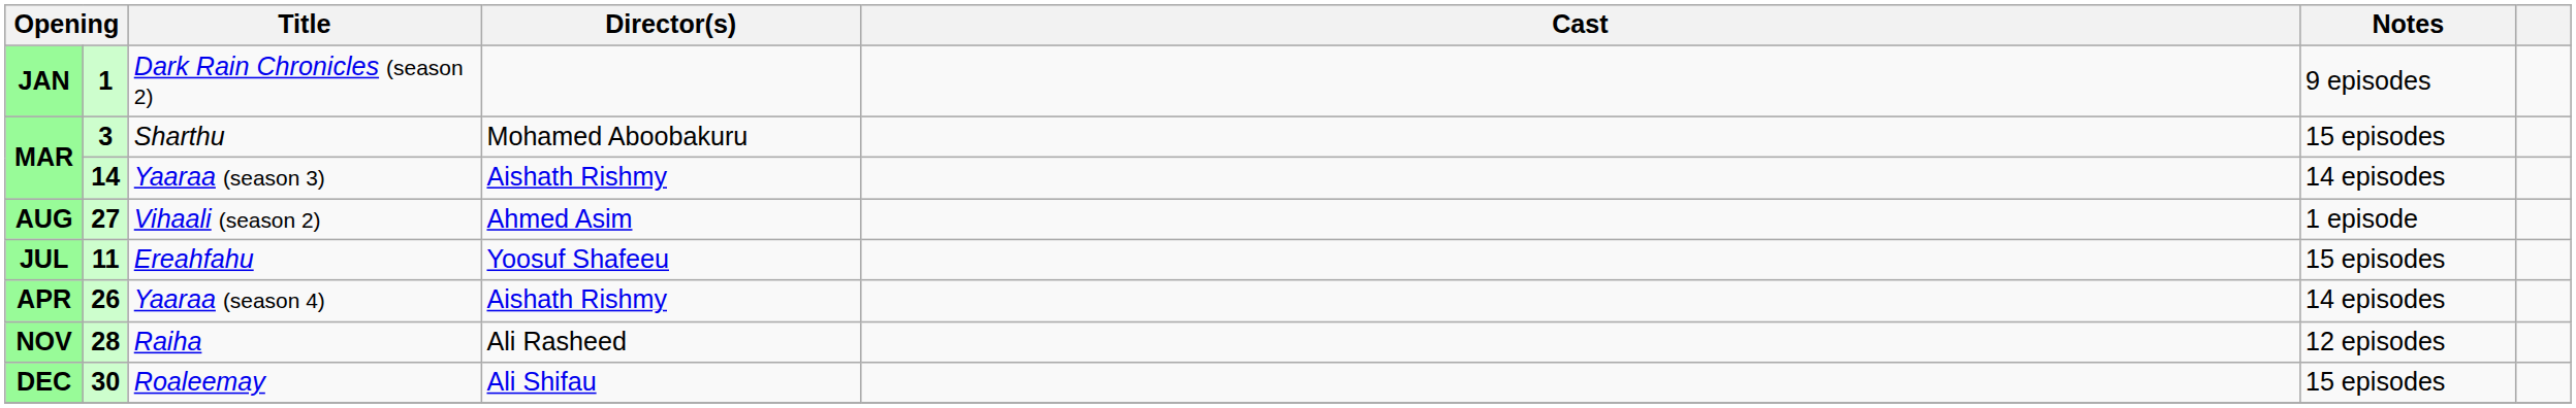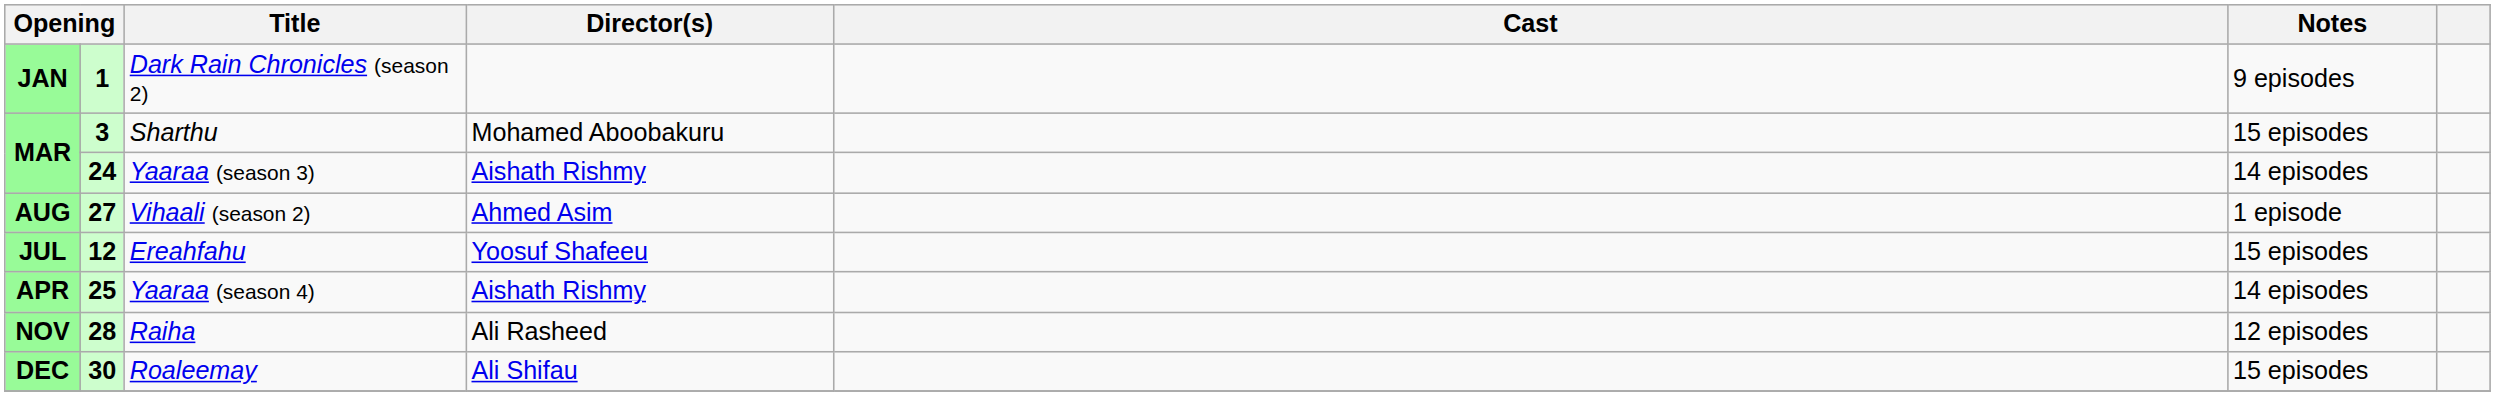 <table class="wikitable plainrowheaders" width="100%">
 <tr>
 <th scope="col" colspan="2" width=4%>Opening</th>
 <th scope="col" width=13%>Title</th>
 <th scope="col" width=14%>Director(s)</th>
 <th scope="col" width=53%>Cast</th>
 <th scope="col" width=8%>Notes</th>
 <th scope="col" width=2%></th>
 </tr>
 <tr>
 <td style="text-align:center; background:#98fb98; textcolor:#000;"><strong>JAN</strong></td>
 <td style="text-align:center; textcolor:#000; background:#cdfecd;"><strong>1</strong></td>
 <td><em><a href='#'>Dark Rain Chronicles</a></em> <small>(season 2)</small></td>
 <td></td>
 <td></td>
 <td>9 episodes</td>
 <td style="text-align:center;"></td>
 </tr>
 <tr>
 <td style="text-align:center; background:#98fb98; textcolor:#000;" rowspan="2"><strong>MAR</strong></td>
 <td style="text-align:center; textcolor:#000; background:#cdfecd;"><strong>3</strong></td>
 <td><em>Sharthu</em></td>
 <td>Mohamed Aboobakuru</td>
 <td></td>
 <td>15 episodes</td>
 <td style="text-align:center;"></td>
 </tr>
 <tr>
-<td style="text-align:center; textcolor:#000; background:#cdfecd;"><strong>14</strong></td>
+<td style="text-align:center; textcolor:#000; background:#cdfecd;"><strong>24</strong></td>
 <td><em><a href='#'>Yaaraa</a></em> <small>(season 3)</small></td>
 <td><a href='#'>Aishath Rishmy</a></td>
 <td></td>
 <td>14 episodes</td>
 <td style="text-align:center;"></td>
 </tr>
 <tr>
 <td style="text-align:center; background:#98fb98; textcolor:#000;"><strong>AUG</strong></td>
 <td style="text-align:center; textcolor:#000; background:#cdfecd;"><strong>27</strong></td>
 <td><em><a href='#'>Vihaali</a></em> <small>(season 2)</small></td>
 <td><a href='#'>Ahmed Asim</a></td>
 <td></td>
 <td>1 episode</td>
 <td style="text-align:center;"></td>
 </tr>
 <tr>
 <td style="text-align:center; background:#98fb98; textcolor:#000;"><strong>JUL</strong></td>
-<td style="text-align:center; textcolor:#000; background:#cdfecd;"><strong>11</strong></td>
+<td style="text-align:center; textcolor:#000; background:#cdfecd;"><strong>12</strong></td>
 <td><em><a href='#'>Ereahfahu</a></em></td>
 <td><a href='#'>Yoosuf Shafeeu</a></td>
 <td></td>
 <td>15 episodes</td>
 <td style="text-align:center;"></td>
 </tr>
 <tr>
 <td style="text-align:center; background:#98fb98; textcolor:#000;"><strong>APR</strong></td>
-<td style="text-align:center; textcolor:#000; background:#cdfecd;"><strong>26</strong></td>
+<td style="text-align:center; textcolor:#000; background:#cdfecd;"><strong>25</strong></td>
 <td><em><a href='#'>Yaaraa</a></em> <small>(season 4)</small></td>
 <td><a href='#'>Aishath Rishmy</a></td>
 <td></td>
 <td>14 episodes</td>
 <td style="text-align:center;"></td>
 </tr>
 <tr>
 <td style="text-align:center; background:#98fb98; textcolor:#000;"><strong>NOV</strong></td>
 <td style="text-align:center; textcolor:#000; background:#cdfecd;"><strong>28</strong></td>
 <td><em><a href='#'>Raiha</a></em></td>
 <td>Ali Rasheed</td>
 <td></td>
 <td>12 episodes</td>
 <td style="text-align:center;"></td>
 </tr>
 <tr>
 <td style="text-align:center; background:#98fb98; textcolor:#000;"><strong>DEC</strong></td>
 <td style="text-align:center; textcolor:#000; background:#cdfecd;"><strong>30</strong></td>
 <td><em><a href='#'>Roaleemay</a></em></td>
 <td><a href='#'>Ali Shifau</a></td>
 <td></td>
 <td>15 episodes</td>
 <td style="text-align:center;"></td>
 </tr>
 <tr>
 </tr>
 </table>
